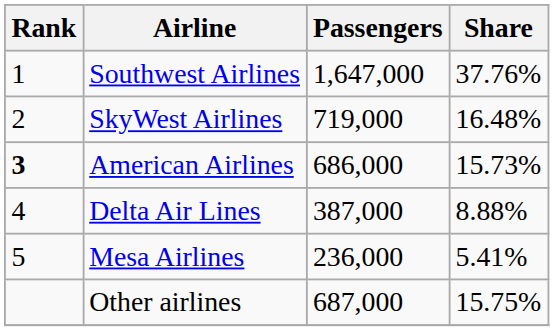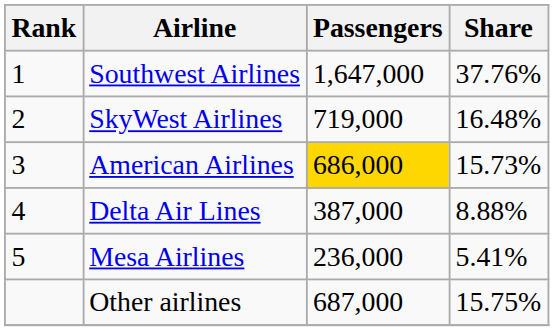 <table class="wikitable sortable" style="font-size: 95%">
 <tr>
 <th>Rank</th>
 <th>Airline</th>
 <th>Passengers</th>
 <th>Share</th>
 </tr>
 <tr>
 <td>1</td>
 <td><a href='#'>Southwest Airlines</a></td>
 <td>1,647,000</td>
 <td>37.76%</td>
 </tr>
 <tr>
 <td>2</td>
 <td><a href='#'>SkyWest Airlines</a></td>
 <td>719,000</td>
 <td>16.48%</td>
 </tr>
 <tr>
-<td><strong>3</strong></td>
+<td>3</td>
 <td><a href='#'>American Airlines</a></td>
-<td>686,000</td>
+<td style="background: gold;">686,000</td>
 <td>15.73%</td>
 </tr>
 <tr>
 <td>4</td>
 <td><a href='#'>Delta Air Lines</a></td>
 <td>387,000</td>
 <td>8.88%</td>
 </tr>
 <tr>
 <td>5</td>
 <td><a href='#'>Mesa Airlines</a></td>
 <td>236,000</td>
 <td>5.41%</td>
 </tr>
 <tr>
 <td></td>
 <td>Other airlines</td>
 <td>687,000</td>
 <td>15.75%</td>
 </tr>
 <tr>
 </tr>
 </table>
